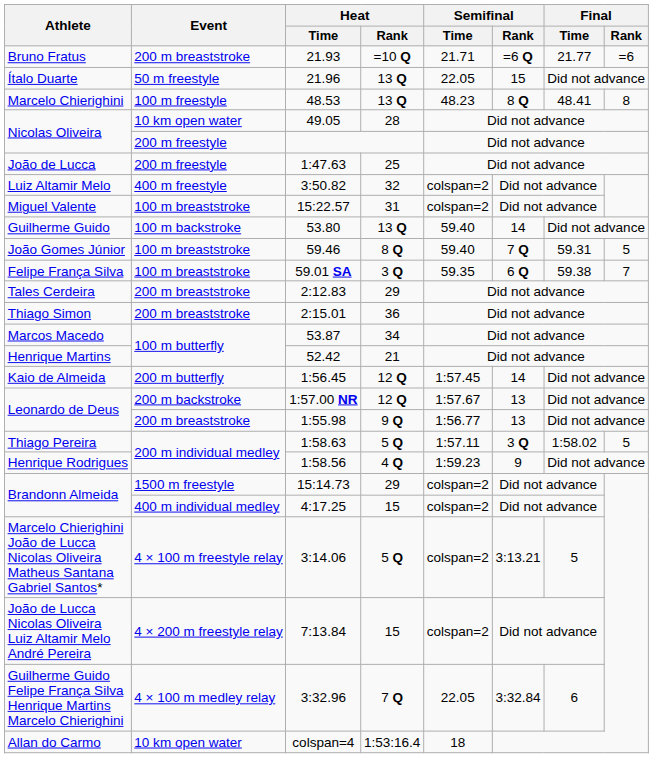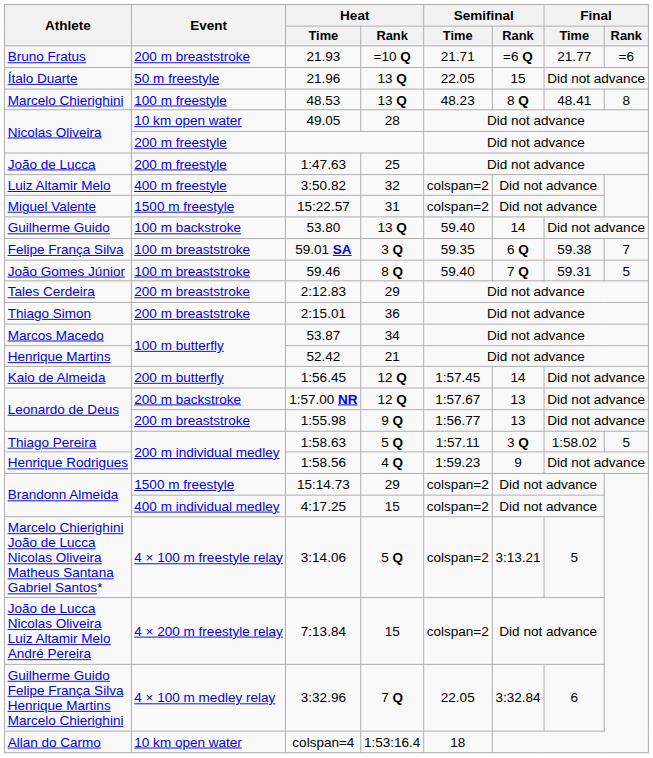 <table class=wikitable style="font-size:90%">
 <tr>
 <th rowspan="2">Athlete</th>
 <th rowspan="2">Event</th>
 <th colspan="2">Heat</th>
 <th colspan="2">Semifinal</th>
 <th colspan="2">Final</th>
 </tr>
 <tr style="font-size:95%">
 <th>Time</th>
 <th>Rank</th>
 <th>Time</th>
 <th>Rank</th>
 <th>Time</th>
 <th>Rank</th>
 </tr>
 <tr align=center>
 <td align=left><a href='#'>Bruno Fratus</a></td>
 <td align=left><a href='#'>200 m breaststroke</a></td>
 <td>21.93</td>
 <td>=10 <strong>Q</strong></td>
 <td>21.71</td>
 <td>=6 <strong>Q</strong></td>
 <td>21.77</td>
 <td>=6</td>
 </tr>
 <tr align=center>
 <td align=left><a href='#'>Ítalo Duarte</a></td>
 <td align=left><a href='#'>50 m freestyle</a></td>
 <td>21.96</td>
 <td>13 <strong>Q</strong></td>
 <td>22.05</td>
 <td>15</td>
 <td colspan=2>Did not advance</td>
 </tr>
 <tr align=center>
 <td align=left><a href='#'>Marcelo Chierighini</a></td>
 <td align=left><a href='#'>100 m freestyle</a></td>
 <td>48.53</td>
 <td>13 <strong>Q</strong></td>
 <td>48.23</td>
 <td>8 <strong>Q</strong></td>
 <td>48.41</td>
 <td>8</td>
 </tr>
 <tr align=center>
 <td align=left rowspan=2><a href='#'>Nicolas Oliveira</a></td>
 <td align=left><a href='#'>10 km open water</a></td>
 <td>49.05</td>
 <td>28</td>
 <td colspan=4>Did not advance</td>
 </tr>
 <tr align=center>
 <td align=left><a href='#'>200 m freestyle</a></td>
 <td colspan=2></td>
 <td colspan=4>Did not advance</td>
 </tr>
 <tr align=center>
 <td align=left><a href='#'>João de Lucca</a></td>
 <td align=left><a href='#'>200 m freestyle</a></td>
 <td>1:47.63</td>
 <td>25</td>
 <td colspan=4>Did not advance</td>
 </tr>
 <tr align=center>
 <td align=left><a href='#'>Luiz Altamir Melo</a></td>
 <td align=left><a href='#'>400 m freestyle</a></td>
 <td>3:50.82</td>
 <td>32</td>
 <td>colspan=2 </td>
 <td colspan=2>Did not advance</td>
 </tr>
 <tr align=center>
 <td align=left><a href='#'>Miguel Valente</a></td>
-<td align=left><a href='#'>100 m breaststroke</a></td>
+<td align=left><a href='#'>1500 m freestyle</a></td>
 <td>15:22.57</td>
 <td>31</td>
 <td>colspan=2 </td>
 <td colspan=2>Did not advance</td>
 </tr>
 <tr align=center>
 <td align=left><a href='#'>Guilherme Guido</a></td>
 <td align=left><a href='#'>100 m backstroke</a></td>
 <td>53.80</td>
 <td>13 <strong>Q</strong></td>
 <td>59.40</td>
 <td>14</td>
 <td colspan=2>Did not advance</td>
 </tr>
 <tr align=center>
+<td align=left><a href='#'>Felipe França Silva</a></td>
+<td align=left><a href='#'>100 m breaststroke</a></td>
+<td>59.01 <strong><a href='#'>SA</a></strong></td>
+<td>3 <strong>Q</strong></td>
+<td>59.35</td>
+<td>6 <strong>Q</strong></td>
+<td>59.38</td>
+<td>7</td>
+</tr>
+<tr align=center>
 <td align=left><a href='#'>João Gomes Júnior</a></td>
 <td align=left><a href='#'>100 m breaststroke</a></td>
 <td>59.46</td>
 <td>8 <strong>Q</strong></td>
 <td>59.40</td>
 <td>7 <strong>Q</strong></td>
 <td>59.31</td>
 <td>5</td>
-</tr>
-<tr align=center>
-<td align=left><a href='#'>Felipe França Silva</a></td>
-<td align=left><a href='#'>100 m breaststroke</a></td>
-<td>59.01 <strong><a href='#'>SA</a></strong></td>
-<td>3 <strong>Q</strong></td>
-<td>59.35</td>
-<td>6 <strong>Q</strong></td>
-<td>59.38</td>
-<td>7</td>
 </tr>
 <tr align=center>
 <td align=left><a href='#'>Tales Cerdeira</a></td>
 <td align=left><a href='#'>200 m breaststroke</a></td>
 <td>2:12.83</td>
 <td>29</td>
 <td colspan=4>Did not advance</td>
 </tr>
 <tr align=center>
 <td align=left><a href='#'>Thiago Simon</a></td>
 <td align=left><a href='#'>200 m breaststroke</a></td>
 <td>2:15.01</td>
 <td>36</td>
 <td colspan=4>Did not advance</td>
 </tr>
 <tr align=center>
 <td align=left><a href='#'>Marcos Macedo</a></td>
 <td align=left rowspan=2><a href='#'>100 m butterfly</a></td>
 <td>53.87</td>
 <td>34</td>
 <td colspan=4>Did not advance</td>
 </tr>
 <tr align=center>
 <td align=left><a href='#'>Henrique Martins</a></td>
 <td>52.42</td>
 <td>21</td>
 <td colspan=4>Did not advance</td>
 </tr>
 <tr align=center>
 <td align=left><a href='#'>Kaio de Almeida</a></td>
 <td align=left><a href='#'>200 m butterfly</a></td>
 <td>1:56.45</td>
 <td>12 <strong>Q</strong></td>
 <td>1:57.45</td>
 <td>14</td>
 <td colspan=2>Did not advance</td>
 </tr>
 <tr align=center>
 <td align=left rowspan=2><a href='#'>Leonardo de Deus</a></td>
 <td align=left><a href='#'>200 m backstroke</a></td>
 <td>1:57.00 <strong><a href='#'>NR</a></strong></td>
 <td>12 <strong>Q</strong></td>
 <td>1:57.67</td>
 <td>13</td>
 <td colspan=2>Did not advance</td>
 </tr>
 <tr align=center>
 <td align=left><a href='#'>200 m breaststroke</a></td>
 <td>1:55.98</td>
 <td>9 <strong>Q</strong></td>
 <td>1:56.77</td>
 <td>13</td>
 <td colspan=2>Did not advance</td>
 </tr>
 <tr align=center>
 <td align=left><a href='#'>Thiago Pereira</a></td>
 <td align=left rowspan=2><a href='#'>200 m individual medley</a></td>
 <td>1:58.63</td>
 <td>5 <strong>Q</strong></td>
 <td>1:57.11</td>
 <td>3 <strong>Q</strong></td>
 <td>1:58.02</td>
 <td>5</td>
 </tr>
 <tr align=center>
 <td align=left><a href='#'>Henrique Rodrigues</a></td>
 <td>1:58.56</td>
 <td>4 <strong>Q</strong></td>
 <td>1:59.23</td>
 <td>9</td>
 <td colspan=2>Did not advance</td>
 </tr>
 <tr align=center>
 <td align=left rowspan=2><a href='#'>Brandonn Almeida</a></td>
 <td align=left><a href='#'>1500 m freestyle</a></td>
 <td>15:14.73</td>
 <td>29</td>
 <td>colspan=2 </td>
 <td colspan=2>Did not advance</td>
 </tr>
 <tr align=center>
 <td align=left><a href='#'>400 m individual medley</a></td>
 <td>4:17.25</td>
 <td>15</td>
 <td>colspan=2 </td>
 <td colspan=2>Did not advance</td>
 </tr>
 <tr align=center>
 <td align=left><a href='#'>Marcelo Chierighini</a><br><a href='#'>João de Lucca</a><br><a href='#'>Nicolas Oliveira</a><br><a href='#'>Matheus Santana</a><br><a href='#'>Gabriel Santos</a>*</td>
 <td align=left><a href='#'>4 × 100 m freestyle relay</a></td>
 <td>3:14.06</td>
 <td>5 <strong>Q</strong></td>
 <td>colspan=2 </td>
 <td>3:13.21</td>
 <td>5</td>
 </tr>
 <tr align=center>
 <td align=left><a href='#'>João de Lucca</a><br><a href='#'>Nicolas Oliveira</a><br><a href='#'>Luiz Altamir Melo</a><br><a href='#'>André Pereira</a></td>
 <td align=left><a href='#'>4 × 200 m freestyle relay</a></td>
 <td>7:13.84</td>
 <td>15</td>
 <td>colspan=2 </td>
 <td colspan=2>Did not advance</td>
 </tr>
 <tr align=center>
 <td align=left><a href='#'>Guilherme Guido</a><br><a href='#'>Felipe França Silva</a><br><a href='#'>Henrique Martins</a><br><a href='#'>Marcelo Chierighini</a></td>
 <td align=left><a href='#'>4 × 100 m medley relay</a></td>
 <td>3:32.96</td>
 <td>7 <strong>Q</strong></td>
 <td>22.05</td>
 <td>3:32.84</td>
 <td>6</td>
 </tr>
 <tr align=center>
 <td align=left><a href='#'>Allan do Carmo</a></td>
 <td align=left><a href='#'>10 km open water</a></td>
 <td>colspan=4 </td>
 <td>1:53:16.4</td>
 <td>18</td>
 </tr>
 </table>
